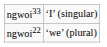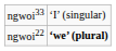 <table class="wikitable">
 <tr>
 <td>ngwoi<sup>33</sup></td>
 <td>‘I’ (singular)</td>
 </tr>
 <tr>
 <td>ngwoi<sup>22</sup></td>
-<td>‘we’ (plural)</td>
+<td><strong>‘we’ (plural)</strong></td>
 </tr>
 </table>
